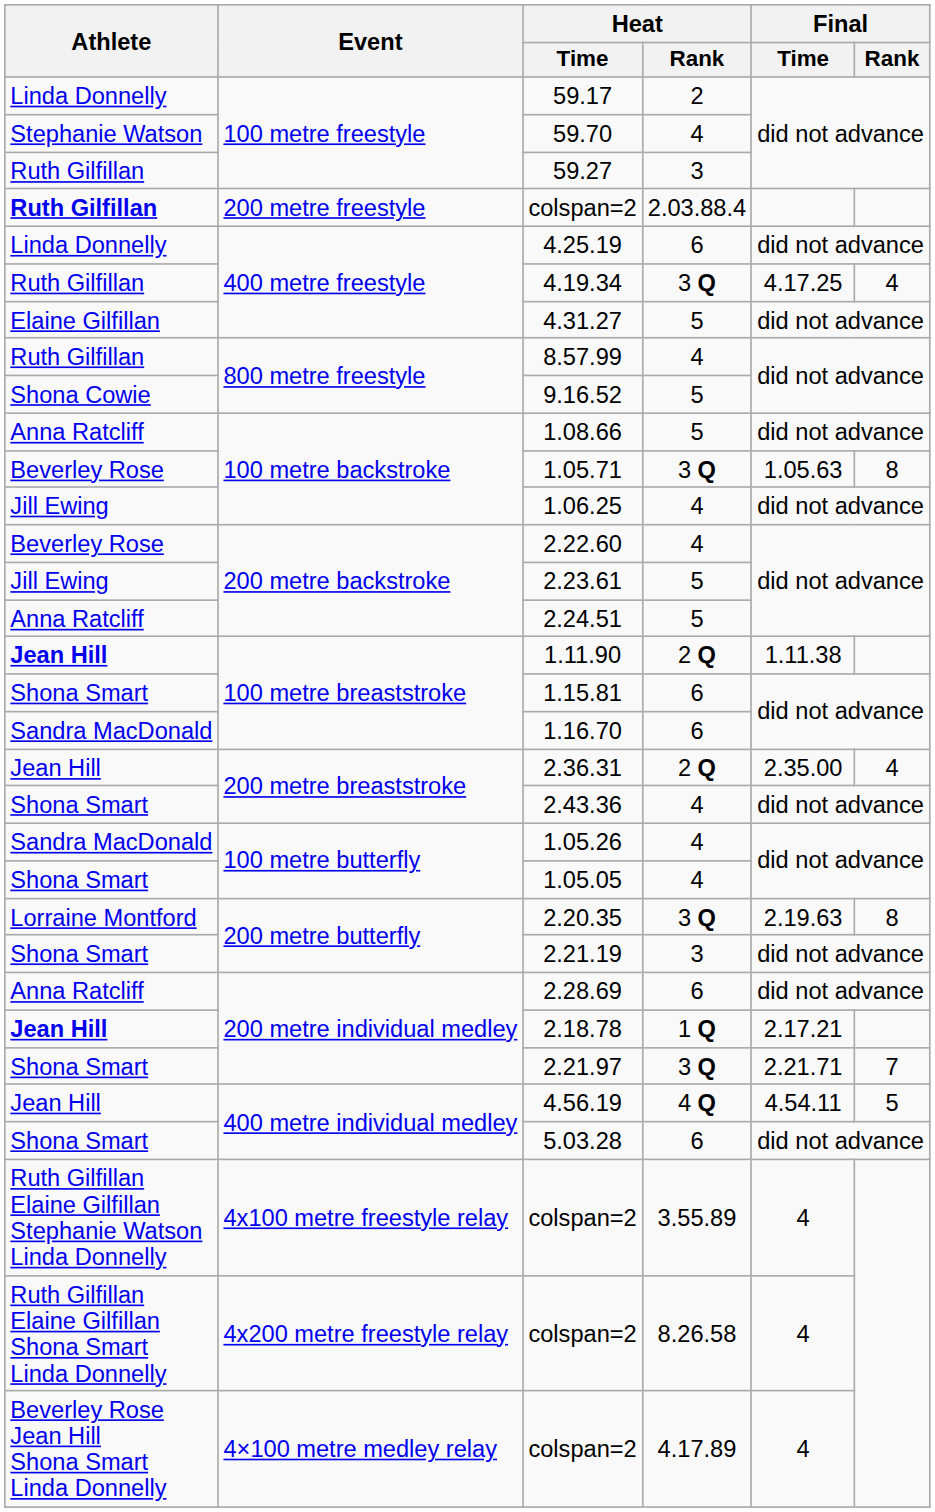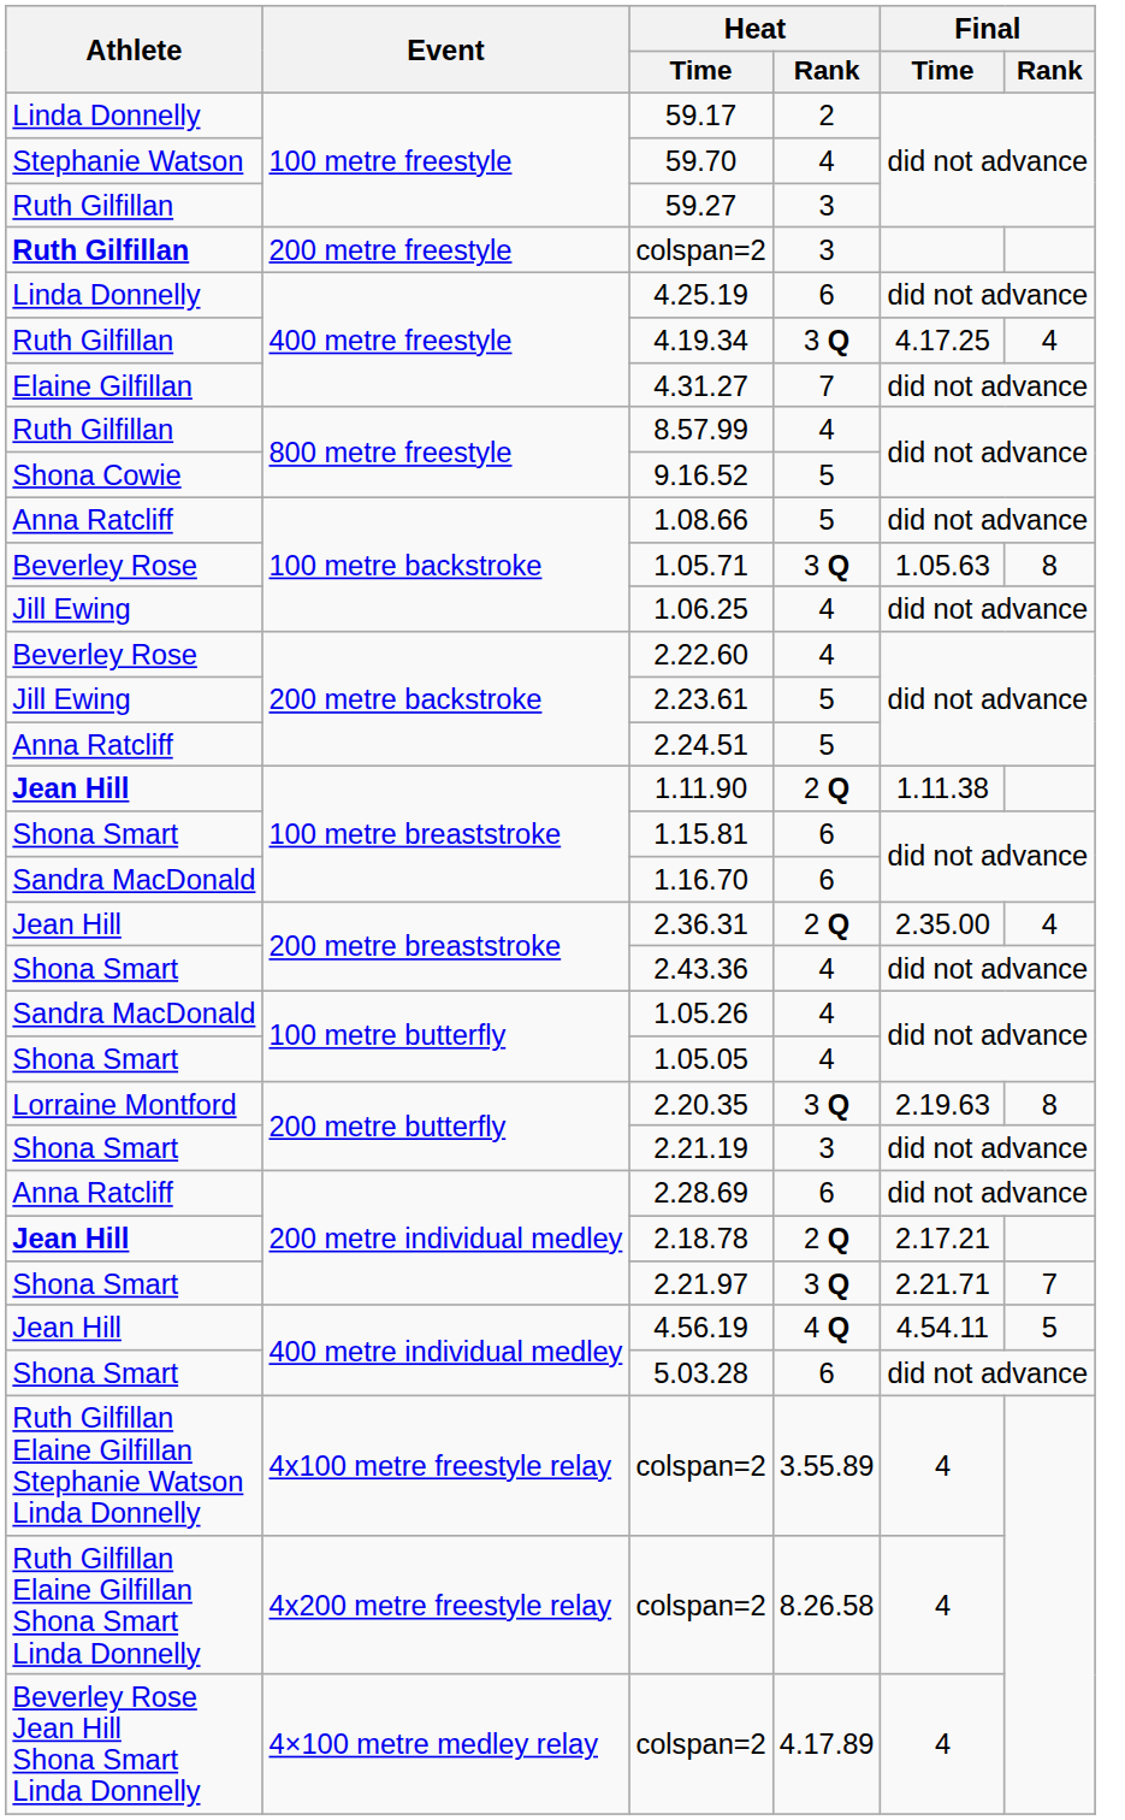 <table class=wikitable style=font-size:90%>
 <tr>
 <th rowspan=2>Athlete</th>
 <th rowspan=2>Event</th>
 <th colspan=2>Heat</th>
 <th colspan=2>Final</th>
 </tr>
 <tr style=font-size:95%>
 <th>Time</th>
 <th>Rank</th>
 <th>Time</th>
 <th>Rank</th>
 </tr>
 <tr align=center>
 <td align=left><a href='#'>Linda Donnelly</a></td>
 <td align=left rowspan=3><a href='#'>100 metre freestyle</a></td>
 <td>59.17</td>
 <td>2</td>
 <td colspan=2 rowspan=3>did not advance</td>
 </tr>
 <tr align=center>
 <td align=left><a href='#'>Stephanie Watson</a></td>
 <td>59.70</td>
 <td>4</td>
 </tr>
 <tr align=center>
 <td align=left><a href='#'>Ruth Gilfillan</a></td>
 <td>59.27</td>
 <td>3</td>
 </tr>
 <tr align=center>
 <td align=left><strong><a href='#'>Ruth Gilfillan</a></strong></td>
 <td align=left><a href='#'>200 metre freestyle</a></td>
 <td>colspan=2 </td>
-<td>2.03.88.4</td>
+<td>3</td>
 <td></td>
 </tr>
 <tr align=center>
 <td align=left><a href='#'>Linda Donnelly</a></td>
 <td align=left rowspan=3><a href='#'>400 metre freestyle</a></td>
 <td>4.25.19</td>
 <td>6</td>
 <td colspan=2>did not advance</td>
 </tr>
 <tr align=center>
 <td align=left><a href='#'>Ruth Gilfillan</a></td>
 <td>4.19.34</td>
 <td>3 <strong>Q</strong></td>
 <td>4.17.25</td>
 <td>4</td>
 </tr>
 <tr align=center>
 <td align=left><a href='#'>Elaine Gilfillan</a></td>
 <td>4.31.27</td>
-<td>5</td>
+<td>7</td>
 <td colspan=2>did not advance</td>
 </tr>
 <tr align=center>
 <td align=left><a href='#'>Ruth Gilfillan</a></td>
 <td align=left rowspan=2><a href='#'>800 metre freestyle</a></td>
 <td>8.57.99</td>
 <td>4</td>
 <td colspan=2 rowspan=2>did not advance</td>
 </tr>
 <tr align=center>
 <td align=left><a href='#'>Shona Cowie</a></td>
 <td>9.16.52</td>
 <td>5</td>
 </tr>
 <tr align=center>
 <td align=left><a href='#'>Anna Ratcliff</a></td>
 <td align=left rowspan=3><a href='#'>100 metre backstroke</a></td>
 <td>1.08.66</td>
 <td>5</td>
 <td colspan=2>did not advance</td>
 </tr>
 <tr align=center>
 <td align=left><a href='#'>Beverley Rose</a></td>
 <td>1.05.71</td>
 <td>3 <strong>Q</strong></td>
 <td>1.05.63</td>
 <td>8</td>
 </tr>
 <tr align=center>
 <td align=left><a href='#'>Jill Ewing</a></td>
 <td>1.06.25</td>
 <td>4</td>
 <td colspan=2>did not advance</td>
 </tr>
 <tr align=center>
 <td align=left><a href='#'>Beverley Rose</a></td>
 <td align=left rowspan=3><a href='#'>200 metre backstroke</a></td>
 <td>2.22.60</td>
 <td>4</td>
 <td colspan=2 rowspan=3>did not advance</td>
 </tr>
 <tr align=center>
 <td align=left><a href='#'>Jill Ewing</a></td>
 <td>2.23.61</td>
 <td>5</td>
 </tr>
 <tr align=center>
 <td align=left><a href='#'>Anna Ratcliff</a></td>
 <td>2.24.51</td>
 <td>5</td>
 </tr>
 <tr align=center>
 <td align=left><strong><a href='#'>Jean Hill</a></strong></td>
 <td align=left rowspan=3><a href='#'>100 metre breaststroke</a></td>
 <td>1.11.90</td>
 <td>2 <strong>Q</strong></td>
 <td>1.11.38</td>
 <td></td>
 </tr>
 <tr align=center>
 <td align=left><a href='#'>Shona Smart</a></td>
 <td>1.15.81</td>
 <td>6</td>
 <td colspan=2 rowspan=2>did not advance</td>
 </tr>
 <tr align=center>
 <td align=left><a href='#'>Sandra MacDonald</a></td>
 <td>1.16.70</td>
 <td>6</td>
 </tr>
 <tr align=center>
 <td align=left><a href='#'>Jean Hill</a></td>
 <td align=left rowspan=2><a href='#'>200 metre breaststroke</a></td>
 <td>2.36.31</td>
 <td>2 <strong>Q</strong></td>
 <td>2.35.00</td>
 <td>4</td>
 </tr>
 <tr align=center>
 <td align=left><a href='#'>Shona Smart</a></td>
 <td>2.43.36</td>
 <td>4</td>
 <td colspan=2>did not advance</td>
 </tr>
 <tr align=center>
 <td align=left><a href='#'>Sandra MacDonald</a></td>
 <td align=left rowspan=2><a href='#'>100 metre butterfly</a></td>
 <td>1.05.26</td>
 <td>4</td>
 <td colspan=2 rowspan=2>did not advance</td>
 </tr>
 <tr align=center>
 <td align=left><a href='#'>Shona Smart</a></td>
 <td>1.05.05</td>
 <td>4</td>
 </tr>
 <tr align=center>
 <td align=left><a href='#'>Lorraine Montford</a></td>
 <td align=left rowspan=2><a href='#'>200 metre butterfly</a></td>
 <td>2.20.35</td>
 <td>3 <strong>Q</strong></td>
 <td>2.19.63</td>
 <td>8</td>
 </tr>
 <tr align=center>
 <td align=left><a href='#'>Shona Smart</a></td>
 <td>2.21.19</td>
 <td>3</td>
 <td colspan=2>did not advance</td>
 </tr>
 <tr align=center>
 <td align=left><a href='#'>Anna Ratcliff</a></td>
 <td align=left rowspan=3><a href='#'>200 metre individual medley</a></td>
 <td>2.28.69</td>
 <td>6</td>
 <td colspan=2>did not advance</td>
 </tr>
 <tr align=center>
 <td align=left><strong><a href='#'>Jean Hill</a></strong></td>
 <td>2.18.78</td>
-<td>1 <strong>Q</strong></td>
+<td>2 <strong>Q</strong></td>
 <td>2.17.21</td>
 <td></td>
 </tr>
 <tr align=center>
 <td align=left><a href='#'>Shona Smart</a></td>
 <td>2.21.97</td>
 <td>3 <strong>Q</strong></td>
 <td>2.21.71</td>
 <td>7</td>
 </tr>
 <tr align=center>
 <td align=left><a href='#'>Jean Hill</a></td>
 <td align=left rowspan=2><a href='#'>400 metre individual medley</a></td>
 <td>4.56.19</td>
 <td>4 <strong>Q</strong></td>
 <td>4.54.11</td>
 <td>5</td>
 </tr>
 <tr align=center>
 <td align=left><a href='#'>Shona Smart</a></td>
 <td>5.03.28</td>
 <td>6</td>
 <td colspan=2>did not advance</td>
 </tr>
 <tr align=center>
 <td align=left><a href='#'>Ruth Gilfillan</a><br><a href='#'>Elaine Gilfillan</a><br><a href='#'>Stephanie Watson</a><br><a href='#'>Linda Donnelly</a></td>
 <td align=left><a href='#'>4x100 metre freestyle relay</a></td>
 <td>colspan=2 </td>
 <td>3.55.89</td>
 <td>4</td>
 </tr>
 <tr align=center>
 <td align=left><a href='#'>Ruth Gilfillan</a><br><a href='#'>Elaine Gilfillan</a><br><a href='#'>Shona Smart</a><br><a href='#'>Linda Donnelly</a></td>
 <td align=left><a href='#'>4x200 metre freestyle relay</a></td>
 <td>colspan=2 </td>
 <td>8.26.58</td>
 <td>4</td>
 </tr>
 <tr align=center>
 <td align=left><a href='#'>Beverley Rose</a><br><a href='#'>Jean Hill</a><br><a href='#'>Shona Smart</a><br><a href='#'>Linda Donnelly</a></td>
 <td align=left><a href='#'>4×100 metre medley relay</a></td>
 <td>colspan=2 </td>
 <td>4.17.89</td>
 <td>4</td>
 </tr>
 </table>
